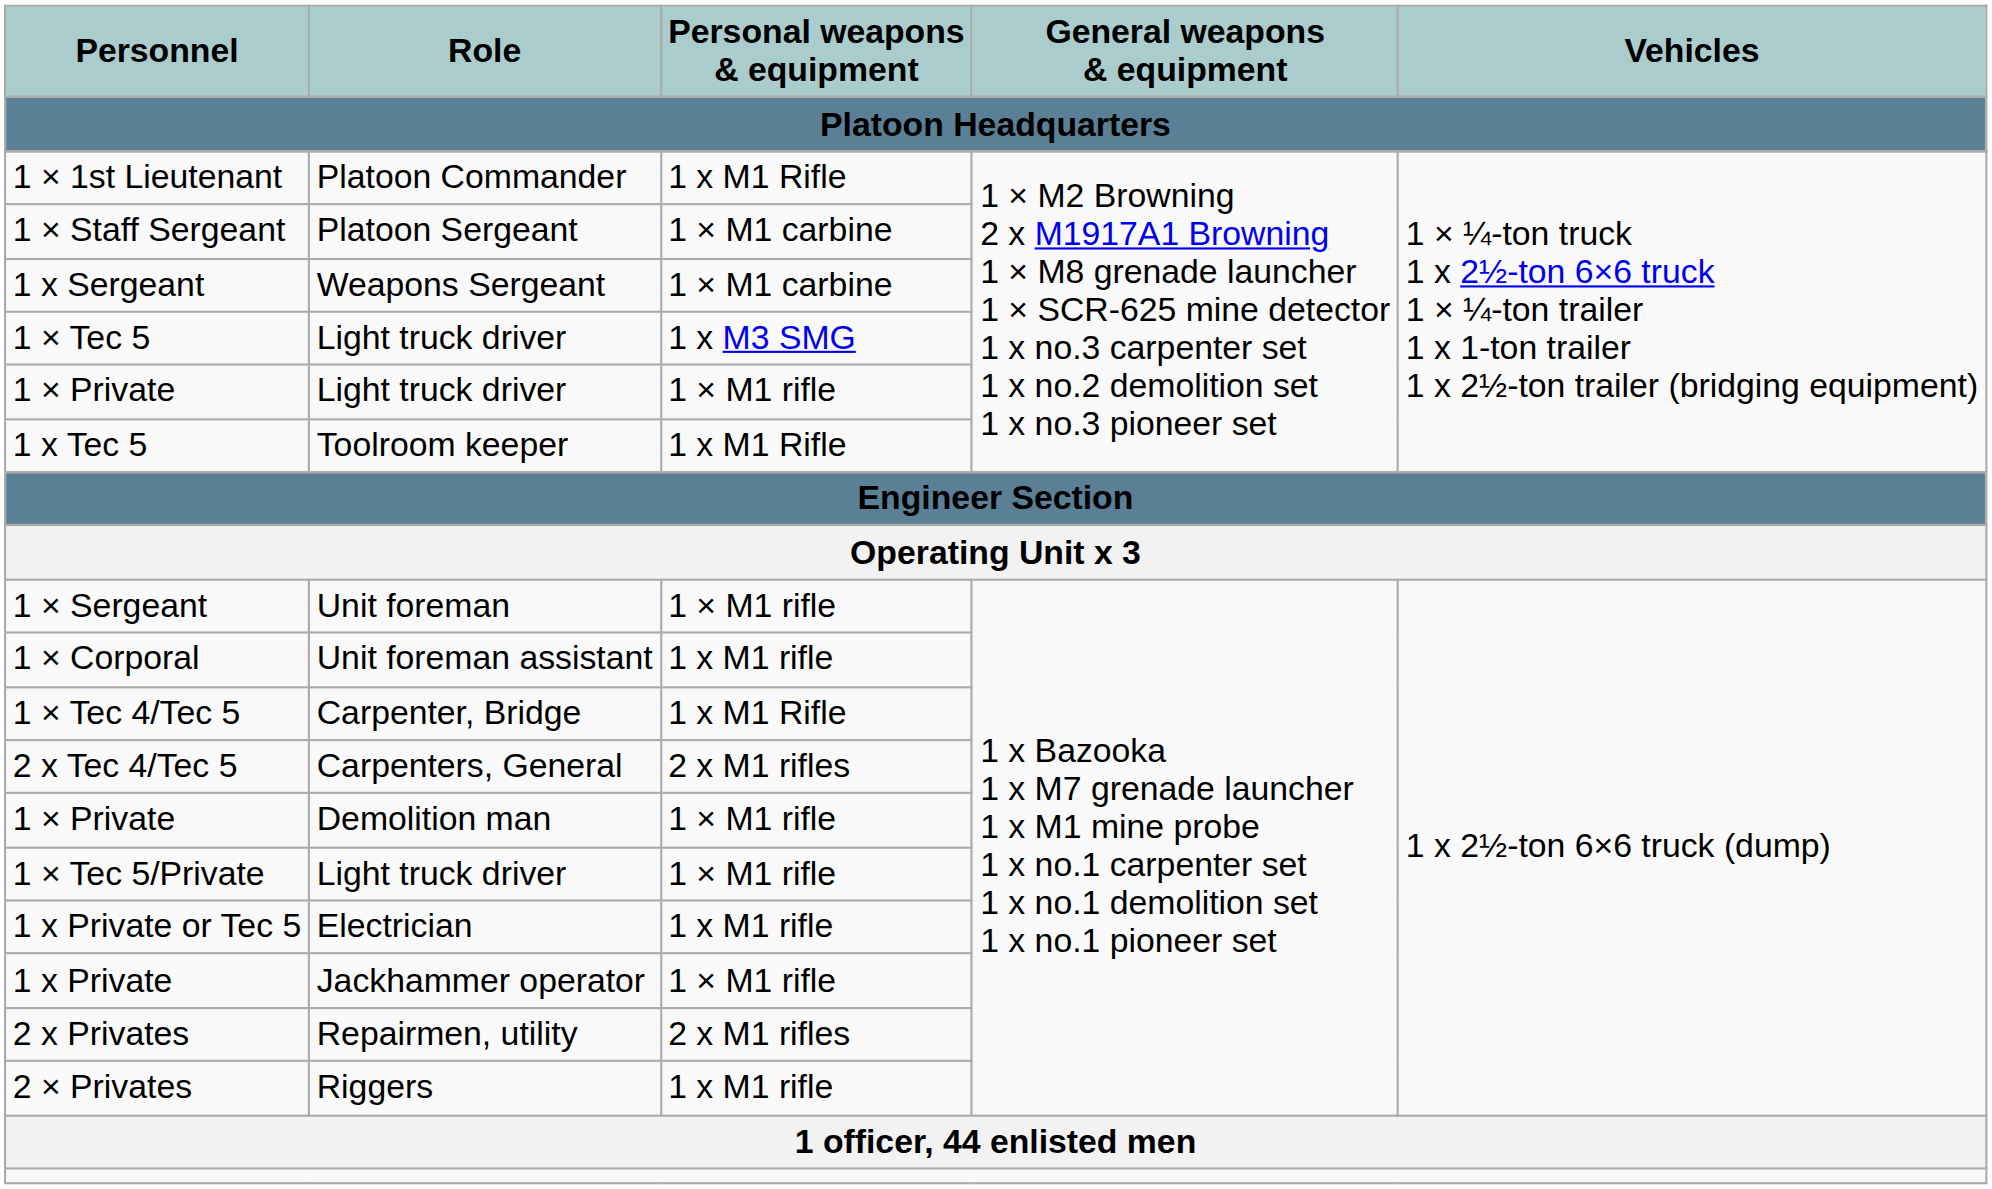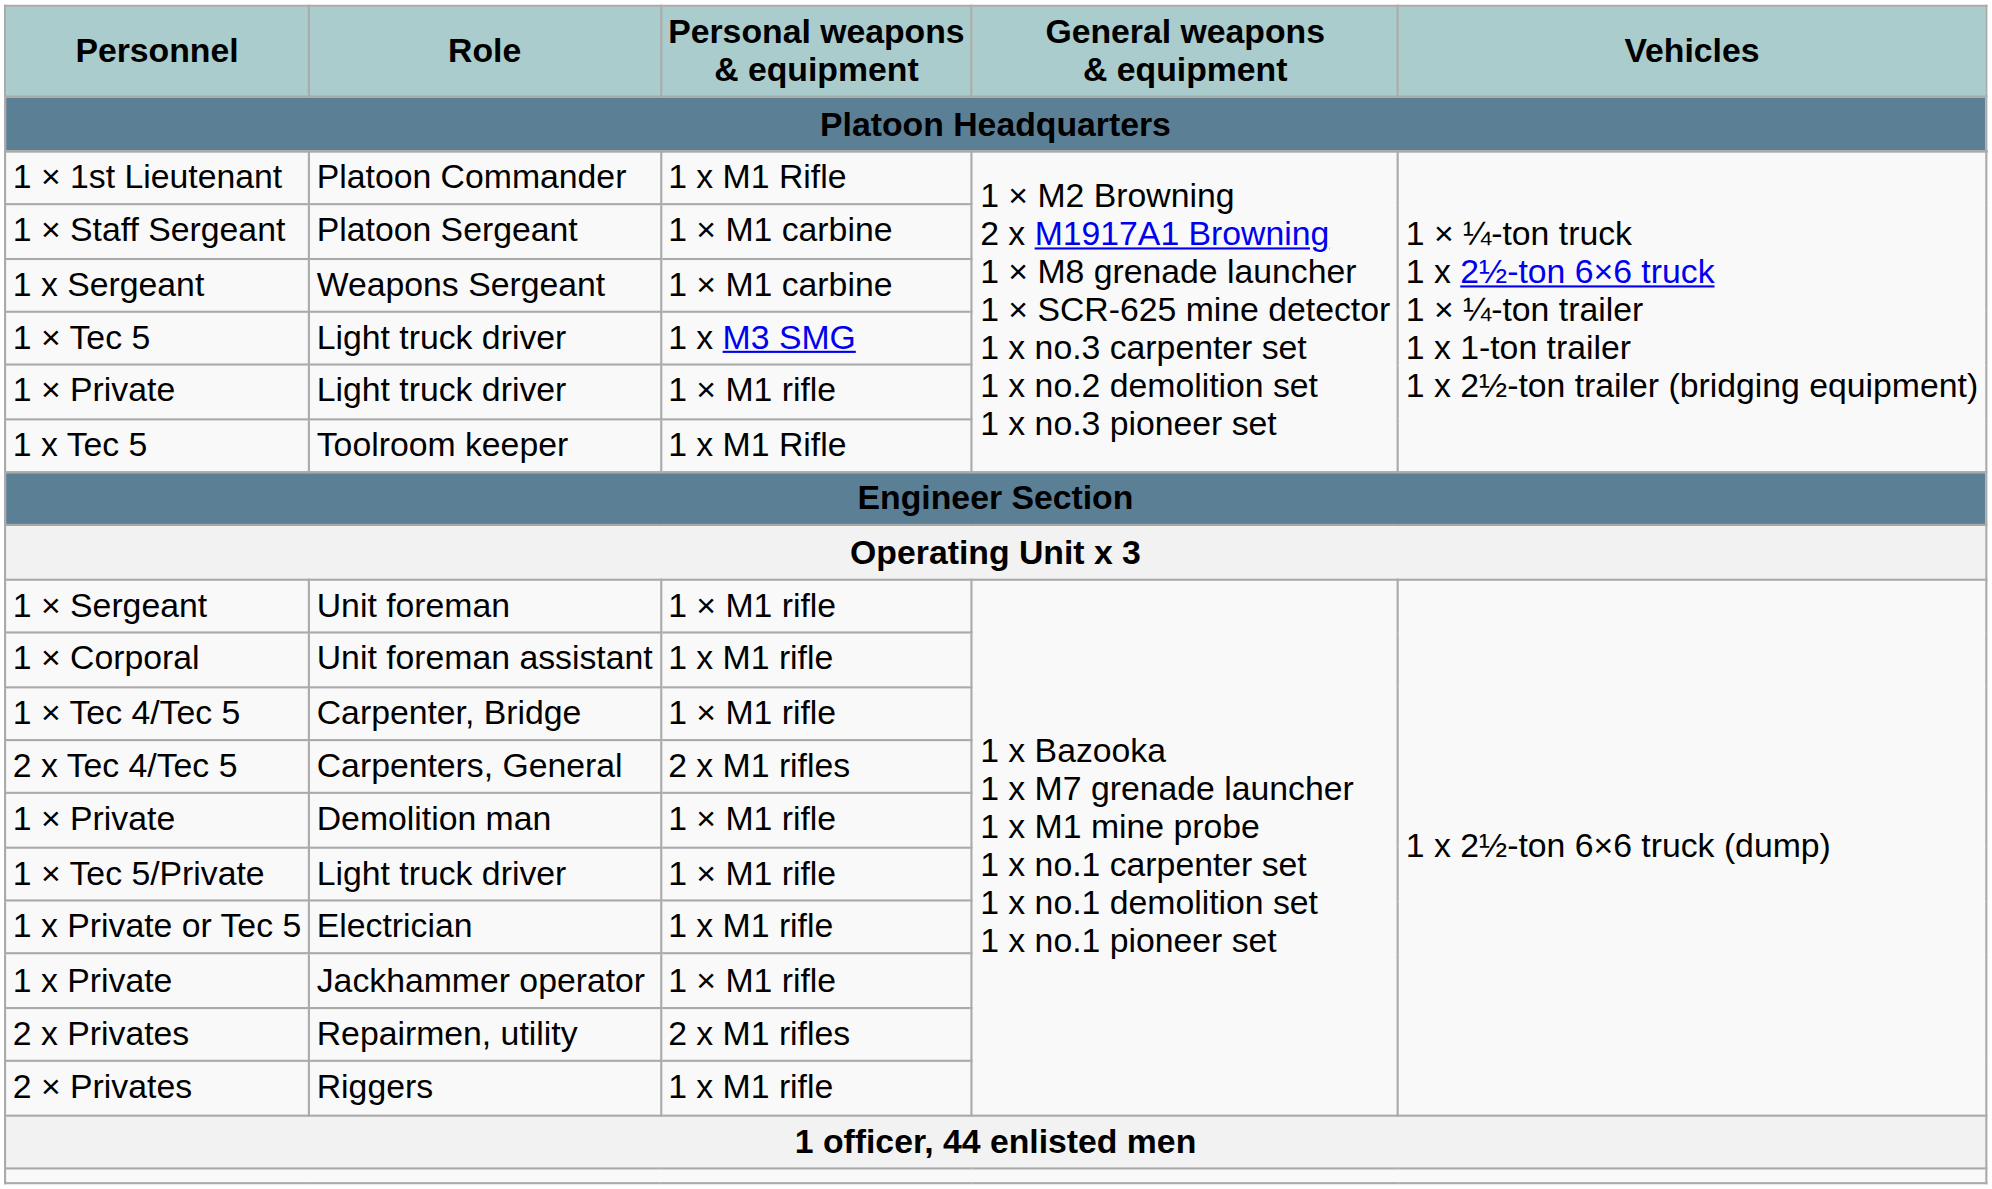 <table class="wikitable mw-collapsible mw-collapsed" style="display: inline-table;">
 <tr>
 <th style="text-align:center; background:#acc;">Personnel</th>
 <th style="text-align:center; background:#acc;">Role</th>
 <th style="text-align:l center; background:#acc;">Personal weapons<br>& equipment</th>
 <th style="text-align:l center; background:#acc;">General weapons<br>& equipment</th>
 <th style="text-align:l center; background:#acc;">Vehicles</th>
 </tr>
 <tr>
 <th scope="col" colspan="5" style="align: center; background: #5B7F95">Platoon Headquarters</th>
 </tr>
 <tr>
 </tr>
 <tr>
 <td>1 × 1st Lieutenant</td>
 <td>Platoon Commander</td>
 <td>1 x M1 Rifle</td>
 <td rowspan="6" style="center">1 × M2 Browning<br> 2 x <a href='#'>M1917A1 Browning</a><br>1 × M8 grenade launcher<br>1 × SCR-625 mine detector<br>1 x no.3 carpenter set<br>1 x no.2 demolition set<br>1 x no.3 pioneer set</td>
 <td rowspan="6" style="center">1 × ¼-ton truck<br>1 x <a href='#'>2½-ton 6×6 truck</a><br>1 × ¼-ton trailer<br>1 x 1-ton trailer<br>1 x 2½-ton trailer (bridging equipment)</td>
 </tr>
 <tr>
 <td>1 × Staff Sergeant</td>
 <td>Platoon Sergeant</td>
 <td>1 × M1 carbine</td>
 </tr>
 <tr>
 <td>1 x Sergeant</td>
 <td>Weapons Sergeant</td>
 <td>1 × M1 carbine</td>
 </tr>
 <tr>
 <td>1 × Tec 5</td>
 <td>Light truck driver</td>
 <td>1 x <a href='#'>M3 SMG</a></td>
 </tr>
 <tr>
 <td>1 × Private</td>
 <td>Light truck driver</td>
 <td>1 × M1 rifle</td>
 </tr>
 <tr>
 <td>1 x Tec 5</td>
 <td>Toolroom keeper</td>
 <td>1 x M1 Rifle</td>
 </tr>
 <tr>
 <th scope="col" colspan="5" style="align: center; background: #5B7F95">Engineer Section</th>
 </tr>
 <tr>
 <th scope="col" colspan="5" style="align: center; background: light blue;">Operating Unit x 3</th>
 </tr>
 <tr>
 <td>1 × Sergeant</td>
 <td>Unit foreman</td>
 <td>1 × M1 rifle</td>
 <td rowspan="10">1 x Bazooka<br>1 x M7 grenade launcher<br>1 x M1 mine probe<br>1 x no.1 carpenter set<br>1 x no.1 demolition set<br>1 x no.1 pioneer set</td>
 <td rowspan="10">1 x 2½-ton 6×6 truck (dump)</td>
 </tr>
 <tr>
 <td>1 × Corporal</td>
 <td>Unit foreman assistant</td>
 <td>1 x M1 rifle</td>
 </tr>
 <tr>
 <td>1 × Tec 4/Tec 5</td>
 <td>Carpenter, Bridge</td>
-<td>1 x M1 Rifle</td>
+<td>1 × M1 rifle</td>
 </tr>
 <tr>
 <td>2 x Tec 4/Tec 5</td>
 <td>Carpenters, General</td>
 <td>2 x M1 rifles</td>
 </tr>
 <tr>
 <td>1 × Private</td>
 <td>Demolition man</td>
 <td>1 × M1 rifle</td>
 </tr>
 <tr>
 <td>1 × Tec 5/Private</td>
 <td>Light truck driver</td>
 <td>1 × M1 rifle</td>
 </tr>
 <tr>
 <td>1 x Private or Tec 5</td>
 <td>Electrician</td>
 <td>1 x M1 rifle</td>
 </tr>
 <tr>
 <td>1 x Private</td>
 <td>Jackhammer operator</td>
 <td>1 × M1 rifle</td>
 </tr>
 <tr>
 <td>2 x Privates</td>
 <td>Repairmen, utility</td>
 <td>2 x M1 rifles</td>
 </tr>
 <tr>
 <td>2 × Privates</td>
 <td>Riggers</td>
 <td>1 x M1 rifle</td>
 </tr>
 <tr>
 <th colspan="5" style="background: light blue;">1 officer, 44 enlisted men</th>
 </tr>
 <tr>
 <td colspan="6"></td>
 </tr>
 </table>
